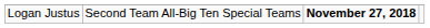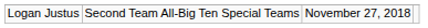 <table class="wikitable sortable sortable" style="text-align: center">
 <tr align=center>
 </tr>
 <tr>
 <td>Logan Justus</td>
 <td>Second Team All-Big Ten Special Teams</td>
-<td><strong>November 27, 2018</strong></td>
+<td>November 27, 2018</td>
 <td></td>
 </tr>
 </table>
